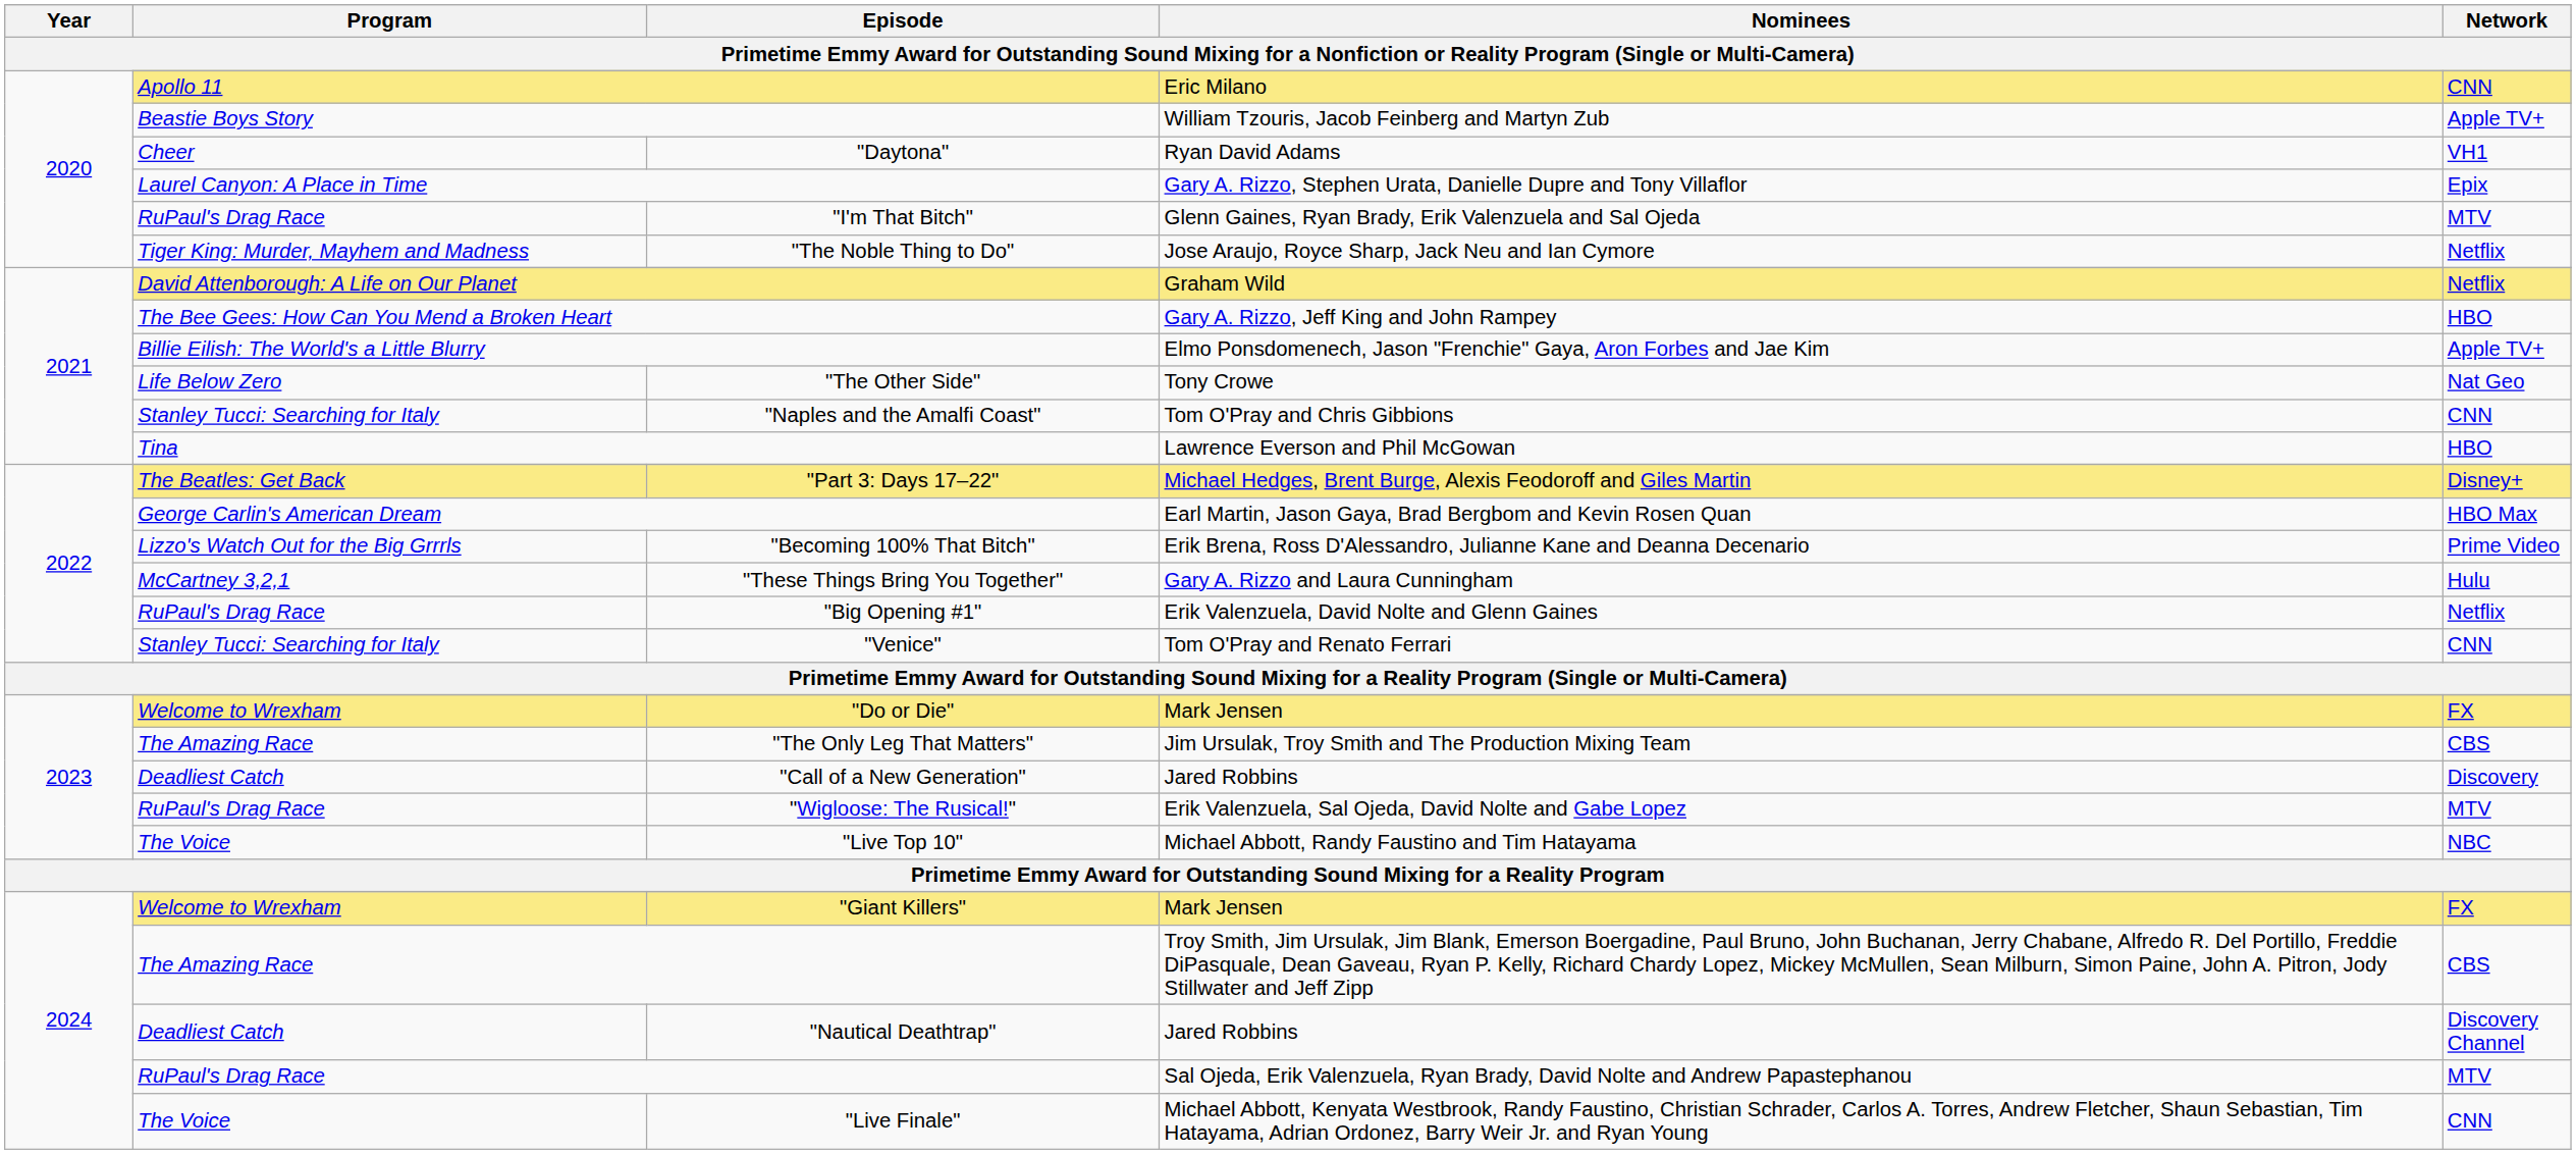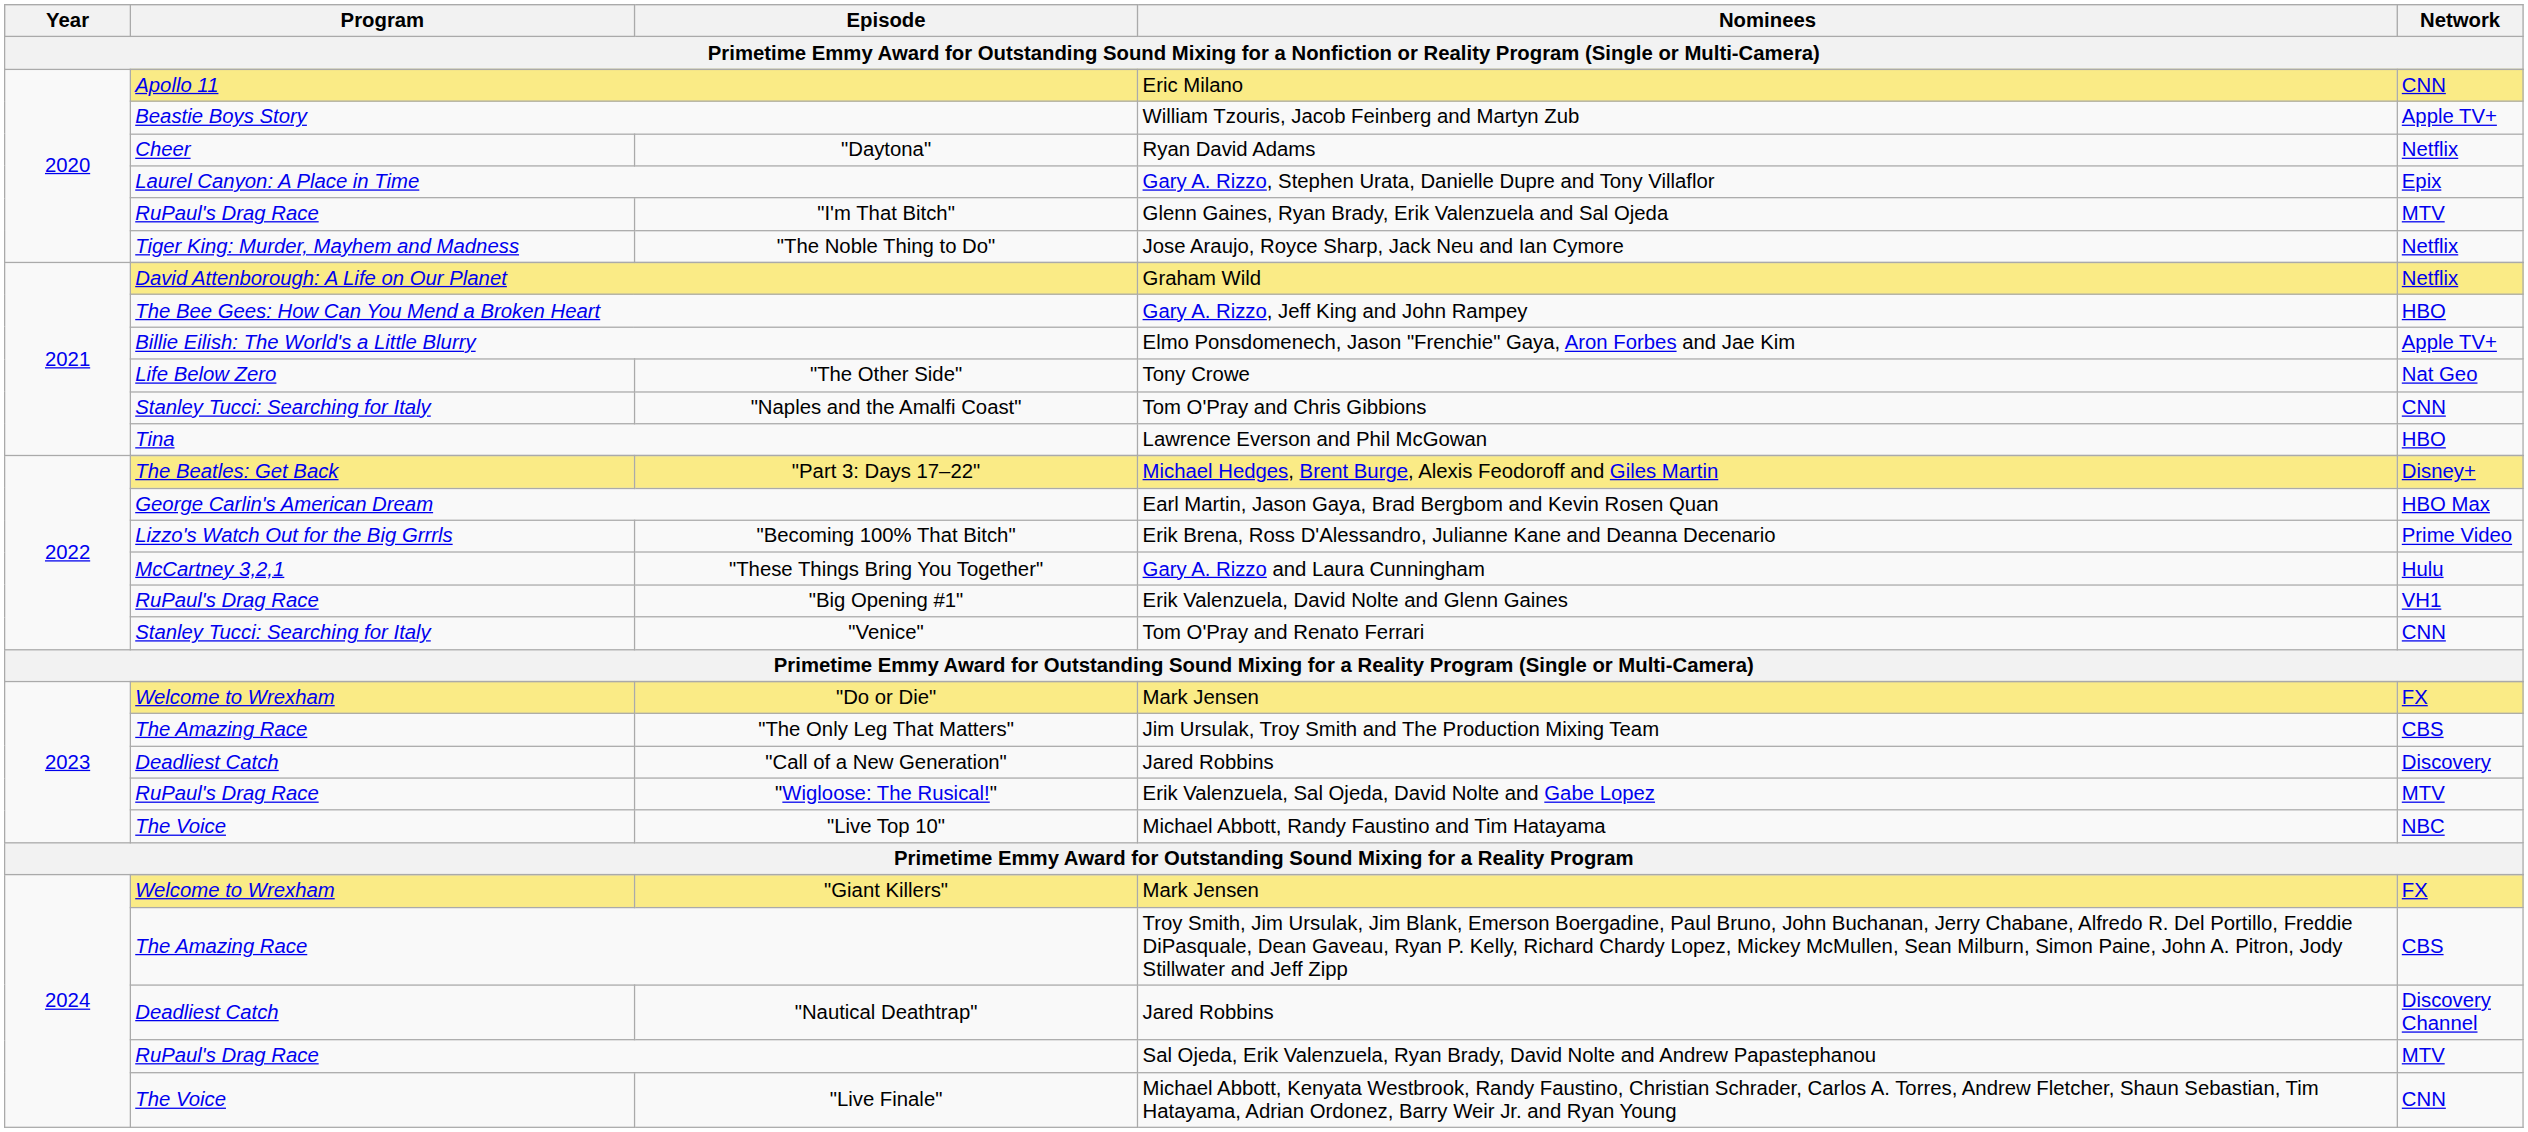 <table class="wikitable" style="width:100%">
 <tr style="background:#bebebe;">
 <th width="5%">Year</th>
 <th width="20%">Program</th>
 <th width="20%">Episode</th>
 <th width="50%">Nominees</th>
 <th width="5%">Network</th>
 </tr>
 <tr>
 <th colspan="5">Primetime Emmy Award for Outstanding Sound Mixing for a Nonfiction or Reality Program (Single or Multi-Camera)</th>
 </tr>
 <tr>
 <td rowspan=7 style="text-align:center;"><a href='#'>2020</a><br></td>
 </tr>
 <tr style="background:#FAEB86;">
 <td colspan=2><em><a href='#'>Apollo 11</a></em></td>
 <td>Eric Milano</td>
 <td><a href='#'>CNN</a></td>
 </tr>
 <tr>
 <td colspan=2><em><a href='#'>Beastie Boys Story</a></em></td>
 <td>William Tzouris, Jacob Feinberg and Martyn Zub</td>
 <td><a href='#'>Apple TV+</a></td>
 </tr>
 <tr>
 <td><em><a href='#'>Cheer</a></em></td>
 <td align=center>"Daytona"</td>
 <td>Ryan David Adams</td>
-<td><a href='#'>VH1</a></td>
+<td><a href='#'>Netflix</a></td>
 </tr>
 <tr>
 <td colspan=2><em><a href='#'>Laurel Canyon: A Place in Time</a></em></td>
 <td><a href='#'>Gary A. Rizzo</a>, Stephen Urata, Danielle Dupre and Tony Villaflor</td>
 <td><a href='#'>Epix</a></td>
 </tr>
 <tr>
 <td><em><a href='#'>RuPaul's Drag Race</a></em></td>
 <td align=center>"I'm That Bitch"</td>
 <td>Glenn Gaines, Ryan Brady, Erik Valenzuela and Sal Ojeda</td>
 <td><a href='#'>MTV</a></td>
 </tr>
 <tr>
 <td><em><a href='#'>Tiger King: Murder, Mayhem and Madness</a></em></td>
 <td align=center>"The Noble Thing to Do"</td>
 <td>Jose Araujo, Royce Sharp, Jack Neu and Ian Cymore</td>
 <td><a href='#'>Netflix</a></td>
 </tr>
 <tr>
 <td rowspan=7 style="text-align:center;"><a href='#'>2021</a><br></td>
 </tr>
 <tr style="background:#FAEB86;">
 <td colspan=2><em><a href='#'>David Attenborough: A Life on Our Planet</a></em></td>
 <td>Graham Wild</td>
 <td><a href='#'>Netflix</a></td>
 </tr>
 <tr>
 <td colspan=2><em><a href='#'>The Bee Gees: How Can You Mend a Broken Heart</a></em></td>
 <td><a href='#'>Gary A. Rizzo</a>, Jeff King and John Rampey</td>
 <td><a href='#'>HBO</a></td>
 </tr>
 <tr>
 <td colspan=2><em><a href='#'>Billie Eilish: The World's a Little Blurry</a></em></td>
 <td>Elmo Ponsdomenech, Jason "Frenchie" Gaya, <a href='#'>Aron Forbes</a> and Jae Kim</td>
 <td><a href='#'>Apple TV+</a></td>
 </tr>
 <tr>
 <td><em><a href='#'>Life Below Zero</a></em></td>
 <td align=center>"The Other Side"</td>
 <td>Tony Crowe</td>
 <td><a href='#'>Nat Geo</a></td>
 </tr>
 <tr>
 <td><em><a href='#'>Stanley Tucci: Searching for Italy</a></em></td>
 <td align=center>"Naples and the Amalfi Coast"</td>
 <td>Tom O'Pray and Chris Gibbions</td>
 <td><a href='#'>CNN</a></td>
 </tr>
 <tr>
 <td colspan=2><em><a href='#'>Tina</a></em></td>
 <td>Lawrence Everson and Phil McGowan</td>
 <td><a href='#'>HBO</a></td>
 </tr>
 <tr>
 <td rowspan=7 style="text-align:center;"><a href='#'>2022</a><br></td>
 </tr>
 <tr style="background:#FAEB86;">
 <td><em><a href='#'>The Beatles: Get Back</a></em></td>
 <td align=center>"Part 3: Days 17–22"</td>
 <td><a href='#'>Michael Hedges</a>, <a href='#'>Brent Burge</a>, Alexis Feodoroff and <a href='#'>Giles Martin</a></td>
 <td><a href='#'>Disney+</a></td>
 </tr>
 <tr>
 <td colspan=2><em><a href='#'>George Carlin's American Dream</a></em></td>
 <td>Earl Martin, Jason Gaya, Brad Bergbom and Kevin Rosen Quan</td>
 <td><a href='#'>HBO Max</a></td>
 </tr>
 <tr>
 <td><em><a href='#'>Lizzo's Watch Out for the Big Grrrls</a></em></td>
 <td align=center>"Becoming 100% That Bitch"</td>
 <td>Erik Brena, Ross D'Alessandro, Julianne Kane and Deanna Decenario</td>
 <td><a href='#'>Prime Video</a></td>
 </tr>
 <tr>
 <td><em><a href='#'>McCartney 3,2,1</a></em></td>
 <td align=center>"These Things Bring You Together"</td>
 <td><a href='#'>Gary A. Rizzo</a> and Laura Cunningham</td>
 <td><a href='#'>Hulu</a></td>
 </tr>
 <tr>
 <td><em><a href='#'>RuPaul's Drag Race</a></em></td>
 <td align=center>"Big Opening #1"</td>
 <td>Erik Valenzuela, David Nolte and Glenn Gaines</td>
-<td><a href='#'>Netflix</a></td>
+<td><a href='#'>VH1</a></td>
 </tr>
 <tr>
 <td><em><a href='#'>Stanley Tucci: Searching for Italy</a></em></td>
 <td align=center>"Venice"</td>
 <td>Tom O'Pray and Renato Ferrari</td>
 <td><a href='#'>CNN</a></td>
 </tr>
 <tr>
 <th colspan="5">Primetime Emmy Award for Outstanding Sound Mixing for a Reality Program (Single or Multi-Camera)</th>
 </tr>
 <tr>
 <td rowspan=6 style="text-align:center;"><a href='#'>2023</a><br></td>
 </tr>
 <tr style="background:#FAEB86;">
 <td><em><a href='#'>Welcome to Wrexham</a></em></td>
 <td align=center>"Do or Die"</td>
 <td>Mark Jensen</td>
 <td><a href='#'>FX</a></td>
 </tr>
 <tr>
 <td><em><a href='#'>The Amazing Race</a></em></td>
 <td align=center>"The Only Leg That Matters"</td>
 <td>Jim Ursulak, Troy Smith and The Production Mixing Team</td>
 <td><a href='#'>CBS</a></td>
 </tr>
 <tr>
 <td><em><a href='#'>Deadliest Catch</a></em></td>
 <td align=center>"Call of a New Generation"</td>
 <td>Jared Robbins</td>
 <td><a href='#'>Discovery</a></td>
 </tr>
 <tr>
 <td><em><a href='#'>RuPaul's Drag Race</a></em></td>
 <td align=center>"<a href='#'>Wigloose: The Rusical!</a>"</td>
 <td>Erik Valenzuela, Sal Ojeda, David Nolte and <a href='#'>Gabe Lopez</a></td>
 <td><a href='#'>MTV</a></td>
 </tr>
 <tr>
 <td><em><a href='#'>The Voice</a></em></td>
 <td align=center>"Live Top 10"</td>
 <td>Michael Abbott, Randy Faustino and Tim Hatayama</td>
 <td><a href='#'>NBC</a></td>
 </tr>
 <tr>
 <th colspan="5">Primetime Emmy Award for Outstanding Sound Mixing for a Reality Program</th>
 </tr>
 <tr>
 <td rowspan=6 style="text-align:center;"><a href='#'>2024</a><br></td>
 </tr>
 <tr style="background:#FAEB86;">
 <td><em><a href='#'>Welcome to Wrexham</a></em></td>
 <td align=center>"Giant Killers"</td>
 <td>Mark Jensen</td>
 <td><a href='#'>FX</a></td>
 </tr>
 <tr>
 <td colspan="2"><em><a href='#'>The Amazing Race</a></em></td>
 <td>Troy Smith, Jim Ursulak, Jim Blank, Emerson Boergadine, Paul Bruno, John Buchanan, Jerry Chabane, Alfredo R. Del Portillo, Freddie DiPasquale, Dean Gaveau, Ryan P. Kelly, Richard Chardy Lopez, Mickey McMullen, Sean Milburn, Simon Paine, John A. Pitron, Jody Stillwater and Jeff Zipp</td>
 <td><a href='#'>CBS</a></td>
 </tr>
 <tr>
 <td><em><a href='#'>Deadliest Catch</a></em></td>
 <td align=center>"Nautical Deathtrap"</td>
 <td>Jared Robbins</td>
 <td><a href='#'>Discovery Channel</a></td>
 </tr>
 <tr>
 <td colspan="2"><em><a href='#'>RuPaul's Drag Race</a></em></td>
 <td>Sal Ojeda, Erik Valenzuela, Ryan Brady, David Nolte and Andrew Papastephanou</td>
 <td><a href='#'>MTV</a></td>
 </tr>
 <tr>
 <td><em><a href='#'>The Voice</a></em></td>
 <td align=center>"Live Finale"</td>
 <td>Michael Abbott, Kenyata Westbrook, Randy Faustino, Christian Schrader, Carlos A. Torres, Andrew Fletcher, Shaun Sebastian, Tim Hatayama, Adrian Ordonez, Barry Weir Jr. and Ryan Young</td>
 <td><a href='#'>CNN</a></td>
 </tr>
 </table>
